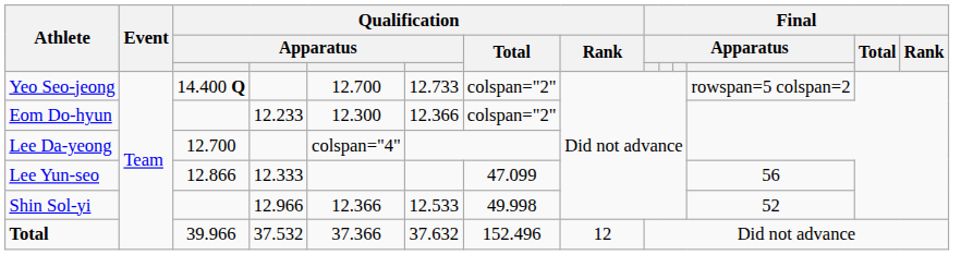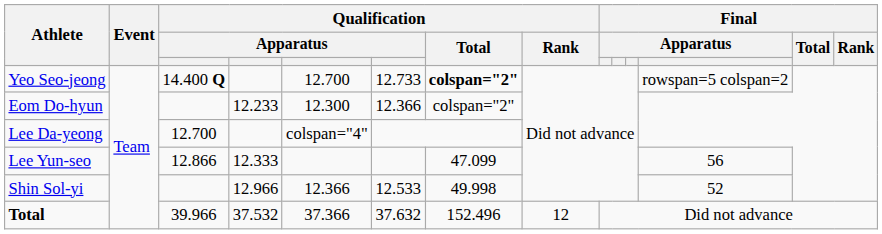 <table class=wikitable style=font-size:90%;text-align:center>
 <tr>
 <th rowspan=3>Athlete</th>
 <th rowspan=3>Event</th>
 <th colspan=6>Qualification</th>
 <th colspan=6>Final</th>
 </tr>
 <tr style=font-size:95%>
 <th colspan=4>Apparatus</th>
 <th rowspan=2>Total</th>
 <th rowspan=2>Rank</th>
 <th colspan=4>Apparatus</th>
 <th rowspan=2>Total</th>
 <th rowspan=2>Rank</th>
 </tr>
 <tr style=font-size:95%>
 <th></th>
 <th></th>
 <th></th>
 <th></th>
 <th></th>
 <th></th>
 <th></th>
 <th></th>
 </tr>
 <tr>
 <td align=left><a href='#'>Yeo Seo-jeong</a></td>
 <td align=left rowspan=6><a href='#'>Team</a></td>
 <td>14.400 <strong>Q</strong></td>
 <td></td>
 <td>12.700</td>
 <td>12.733</td>
-<td>colspan="2" </td>
+<td><strong>colspan="2" </strong></td>
 <td rowspan=5 colspan=4>Did not advance</td>
 <td>rowspan=5 colspan=2 </td>
 </tr>
 <tr>
 <td align=left><a href='#'>Eom Do-hyun</a></td>
 <td></td>
 <td>12.233</td>
 <td>12.300</td>
 <td>12.366</td>
 <td>colspan="2" </td>
 </tr>
 <tr>
 <td align=left><a href='#'>Lee Da-yeong</a></td>
 <td>12.700</td>
 <td></td>
 <td>colspan="4" </td>
 </tr>
 <tr>
 <td align=left><a href='#'>Lee Yun-seo</a></td>
 <td>12.866</td>
 <td>12.333</td>
 <td></td>
 <td></td>
 <td>47.099</td>
 <td>56</td>
 </tr>
 <tr>
 <td align=left><a href='#'>Shin Sol-yi</a></td>
 <td></td>
 <td>12.966</td>
 <td>12.366</td>
 <td>12.533</td>
 <td>49.998</td>
 <td>52</td>
 </tr>
 <tr>
 <td align=left><strong>Total</strong></td>
 <td>39.966</td>
 <td>37.532</td>
 <td>37.366</td>
 <td>37.632</td>
 <td>152.496</td>
 <td>12</td>
 <td colspan="6">Did not advance</td>
 </tr>
 </table>
